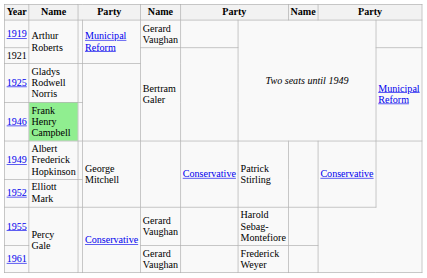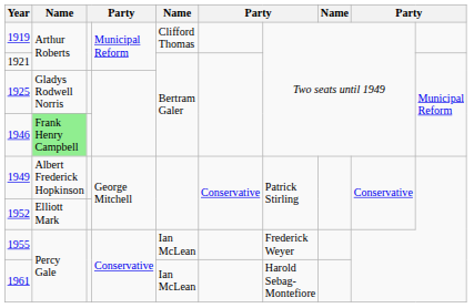 <table class="wikitable">
 <tr>
 <th>Year</th>
 <th>Name</th>
 <th colspan=2>Party</th>
 <th>Name</th>
 <th colspan=2>Party</th>
 <th>Name</th>
 <th colspan=2>Party</th>
 </tr>
 <tr>
 <td><a href='#'>1919</a></td>
 <td rowspan=2>Arthur Roberts</td>
 <td rowspan=2 style="background-color: "></td>
 <td rowspan=2><a href='#'>Municipal Reform</a></td>
-<td>Gerard Vaughan</td>
+<td>Clifford Thomas</td>
 <td></td>
 <td rowspan=4 colspan=3 align="center"><em>Two seats until 1949</em></td>
 </tr>
 <tr>
 <td>1921</td>
 <td rowspan=3>Bertram Galer</td>
 <td rowspan=3 style="background-color: "></td>
 <td rowspan=3><a href='#'>Municipal Reform</a></td>
 </tr>
 <tr>
 <td><a href='#'>1925</a></td>
 <td>Gladys Rodwell Norris</td>
 <td></td>
 </tr>
 <tr>
 <td><a href='#'>1946</a></td>
 <td style="background: lightgreen;">Frank Henry Campbell</td>
 <td></td>
 </tr>
 <tr>
 <td><a href='#'>1949</a></td>
 <td>Albert Frederick Hopkinson</td>
 <td></td>
 <td rowspan=2>George Mitchell</td>
 <td rowspan=2 style="background-color: "></td>
 <td rowspan=2><a href='#'>Conservative</a></td>
 <td rowspan=2>Patrick Stirling</td>
 <td rowspan=2 style="background-color: "></td>
 <td rowspan=2><a href='#'>Conservative</a></td>
 </tr>
 <tr>
 <td><a href='#'>1952</a></td>
 <td>Elliott Mark</td>
 <td></td>
 </tr>
 <tr>
 <td><a href='#'>1955</a></td>
 <td rowspan=2>Percy Gale</td>
 <td rowspan=2 style="background-color: "></td>
 <td rowspan=2><a href='#'>Conservative</a></td>
-<td>Gerard Vaughan</td>
+<td>Ian McLean</td>
+<td></td>
+<td>Frederick Weyer</td>
+<td></td>
+</tr>
+<tr>
+<td><a href='#'>1961</a></td>
+<td>Ian McLean</td>
 <td></td>
 <td>Harold Sebag-Montefiore</td>
 <td></td>
 </tr>
-<tr>
-<td><a href='#'>1961</a></td>
-<td>Gerard Vaughan</td>
-<td></td>
-<td>Frederick Weyer</td>
-<td></td>
-</tr>
 </table>
